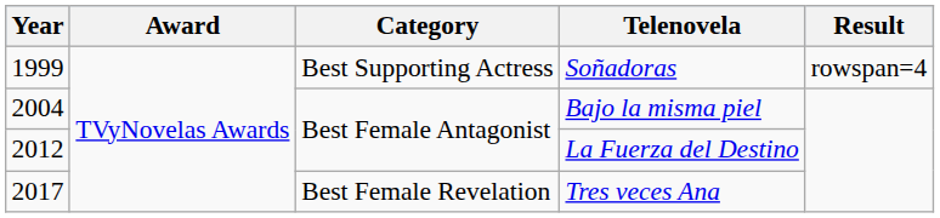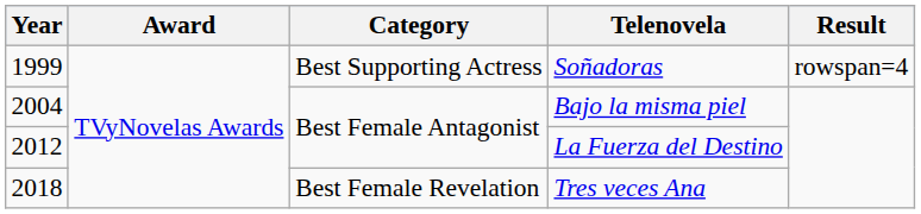 <table class="wikitable">
 <tr style="background:#b0c4de;">
 <th>Year</th>
 <th>Award</th>
 <th>Category</th>
 <th>Telenovela</th>
 <th>Result</th>
 </tr>
 <tr>
 <td>1999</td>
 <td rowspan=4><a href='#'>TVyNovelas Awards</a></td>
 <td>Best Supporting Actress</td>
 <td><em><a href='#'>Soñadoras</a></em></td>
 <td>rowspan=4 </td>
 </tr>
 <tr>
 <td>2004</td>
 <td rowspan=2>Best Female Antagonist</td>
 <td><em><a href='#'>Bajo la misma piel</a></em></td>
 </tr>
 <tr>
 <td>2012</td>
 <td><em><a href='#'>La Fuerza del Destino</a> </em></td>
 </tr>
 <tr>
-<td>2017</td>
+<td>2018</td>
 <td>Best Female Revelation</td>
 <td><em><a href='#'>Tres veces Ana</a> </em></td>
 </tr>
 </table>
